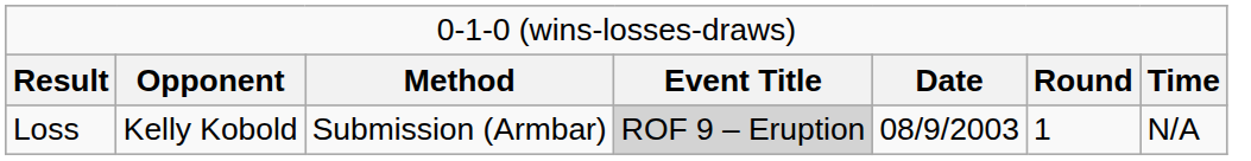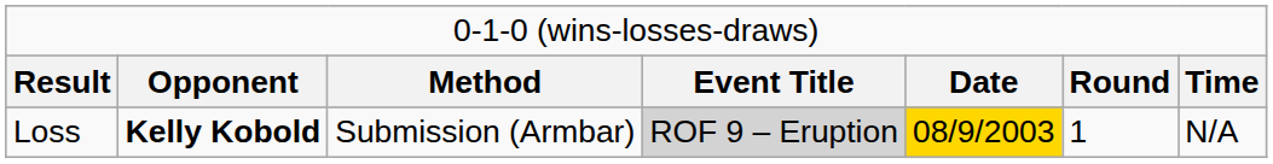 <table class="wikitable">
 <tr>
 <td colspan="8" style="text-align: center">0-1-0 (wins-losses-draws)</td>
 </tr>
 <tr>
 <th>Result</th>
 <th>Opponent</th>
 <th>Method</th>
 <th>Event Title</th>
 <th>Date</th>
 <th>Round</th>
 <th>Time</th>
 </tr>
 <tr>
 <td>Loss</td>
-<td>Kelly Kobold</td>
+<td><strong>Kelly Kobold</strong></td>
 <td>Submission (Armbar)</td>
 <td style="background: lightgrey;">ROF 9 – Eruption</td>
-<td>08/9/2003</td>
+<td style="background: gold;">08/9/2003</td>
 <td>1</td>
 <td>N/A</td>
 </tr>
 </table>
